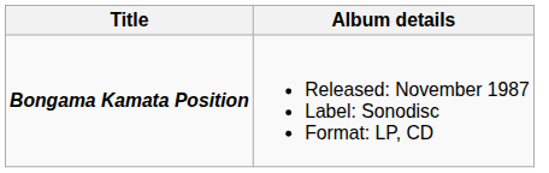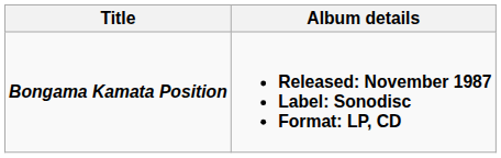 <table class="wikitable">
 <tr>
 <th>Title</th>
 <th>Album details</th>
 </tr>
 <tr>
 <td><strong><em>Bongama Kamata Position</em></strong></td>
-<td><br><ul><li>Released: November 1987</li><li>Label: Sonodisc</li><li>Format: LP, CD</li></ul></td>
+<td><strong><br><ul><li>Released: November 1987</li><li>Label: Sonodisc</li><li>Format: LP, CD</li></ul></strong></td>
 </tr>
 </table>
